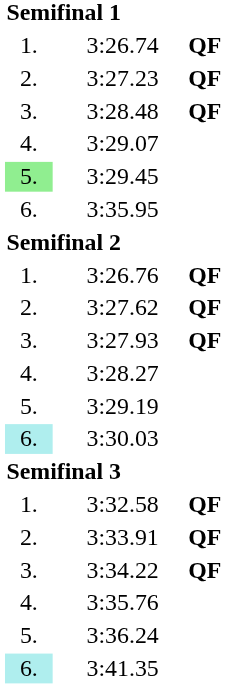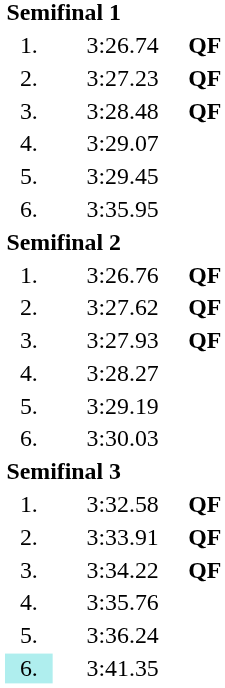 <table style="text-align:center">
 <tr>
 <td colspan=4 align=left><strong>Semifinal 1</strong></td>
 </tr>
 <tr>
 <td width=30>1.</td>
 <td align=left></td>
 <td width=80>3:26.74</td>
 <td><strong>QF</strong></td>
 </tr>
 <tr>
 <td>2.</td>
 <td align=left></td>
 <td>3:27.23</td>
 <td><strong>QF</strong></td>
 </tr>
 <tr>
 <td>3.</td>
 <td align=left></td>
 <td>3:28.48</td>
 <td><strong>QF</strong></td>
 </tr>
 <tr>
 <td>4.</td>
 <td align=left></td>
 <td>3:29.07</td>
 <td></td>
 </tr>
 <tr>
-<td style="background: lightgreen;">5.</td>
+<td>5.</td>
 <td align=left></td>
 <td>3:29.45</td>
 <td></td>
 </tr>
 <tr>
 <td>6.</td>
 <td align=left></td>
 <td>3:35.95</td>
 <td></td>
 </tr>
 <tr>
 <td colspan=4 align=left><strong>Semifinal 2</strong></td>
 </tr>
 <tr>
 <td>1.</td>
 <td align=left></td>
 <td>3:26.76</td>
 <td><strong>QF</strong></td>
 </tr>
 <tr>
 <td>2.</td>
 <td align=left></td>
 <td>3:27.62</td>
 <td><strong>QF</strong></td>
 </tr>
 <tr>
 <td>3.</td>
 <td align=left></td>
 <td>3:27.93</td>
 <td><strong>QF</strong></td>
 </tr>
 <tr>
 <td>4.</td>
 <td align=left></td>
 <td>3:28.27</td>
 <td></td>
 </tr>
 <tr>
 <td>5.</td>
 <td align=left></td>
 <td>3:29.19</td>
 <td></td>
 </tr>
 <tr>
-<td style="background: paleturquoise;">6.</td>
+<td>6.</td>
 <td align=left></td>
 <td>3:30.03</td>
 <td></td>
 </tr>
 <tr>
 <td colspan=4 align=left><strong>Semifinal 3</strong></td>
 </tr>
 <tr>
 <td>1.</td>
 <td align=left></td>
 <td>3:32.58</td>
 <td><strong>QF</strong></td>
 </tr>
 <tr>
 <td>2.</td>
 <td align=left></td>
 <td>3:33.91</td>
 <td><strong>QF</strong></td>
 </tr>
 <tr>
 <td>3.</td>
 <td align=left></td>
 <td>3:34.22</td>
 <td><strong>QF</strong></td>
 </tr>
 <tr>
 <td>4.</td>
 <td align=left></td>
 <td>3:35.76</td>
 <td></td>
 </tr>
 <tr>
 <td>5.</td>
 <td align=left></td>
 <td>3:36.24</td>
 <td></td>
 </tr>
 <tr>
 <td style="background: paleturquoise;">6.</td>
 <td align=left></td>
 <td>3:41.35</td>
 <td></td>
 </tr>
 </table>
